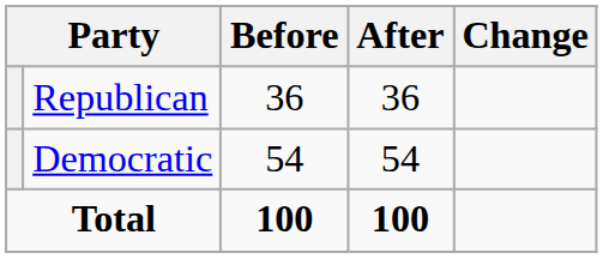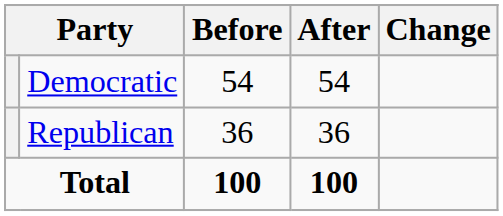 <table class="wikitable" style="text-align:center;">
 <tr>
 </tr>
 <tr>
 <th colspan=2>Party</th>
 <th>Before</th>
 <th>After</th>
 <th>Change</th>
 </tr>
 <tr>
 <th style="background-color:"></th>
-<td style="text-align:left;"><a href='#'>Republican</a></td>
-<td>36</td>
-<td>36</td>
+<td style="text-align:left;"><a href='#'>Democratic</a></td>
+<td>54</td>
+<td>54</td>
 <td></td>
 </tr>
 <tr>
 <th style="background-color:"></th>
-<td style="text-align:left;"><a href='#'>Democratic</a></td>
-<td>54</td>
-<td>54</td>
+<td style="text-align:left;"><a href='#'>Republican</a></td>
+<td>36</td>
+<td>36</td>
 <td></td>
 </tr>
 <tr>
 <td colspan=2><strong>Total</strong></td>
 <td><strong>100</strong></td>
 <td><strong>100</strong></td>
 <td></td>
 </tr>
 </table>
